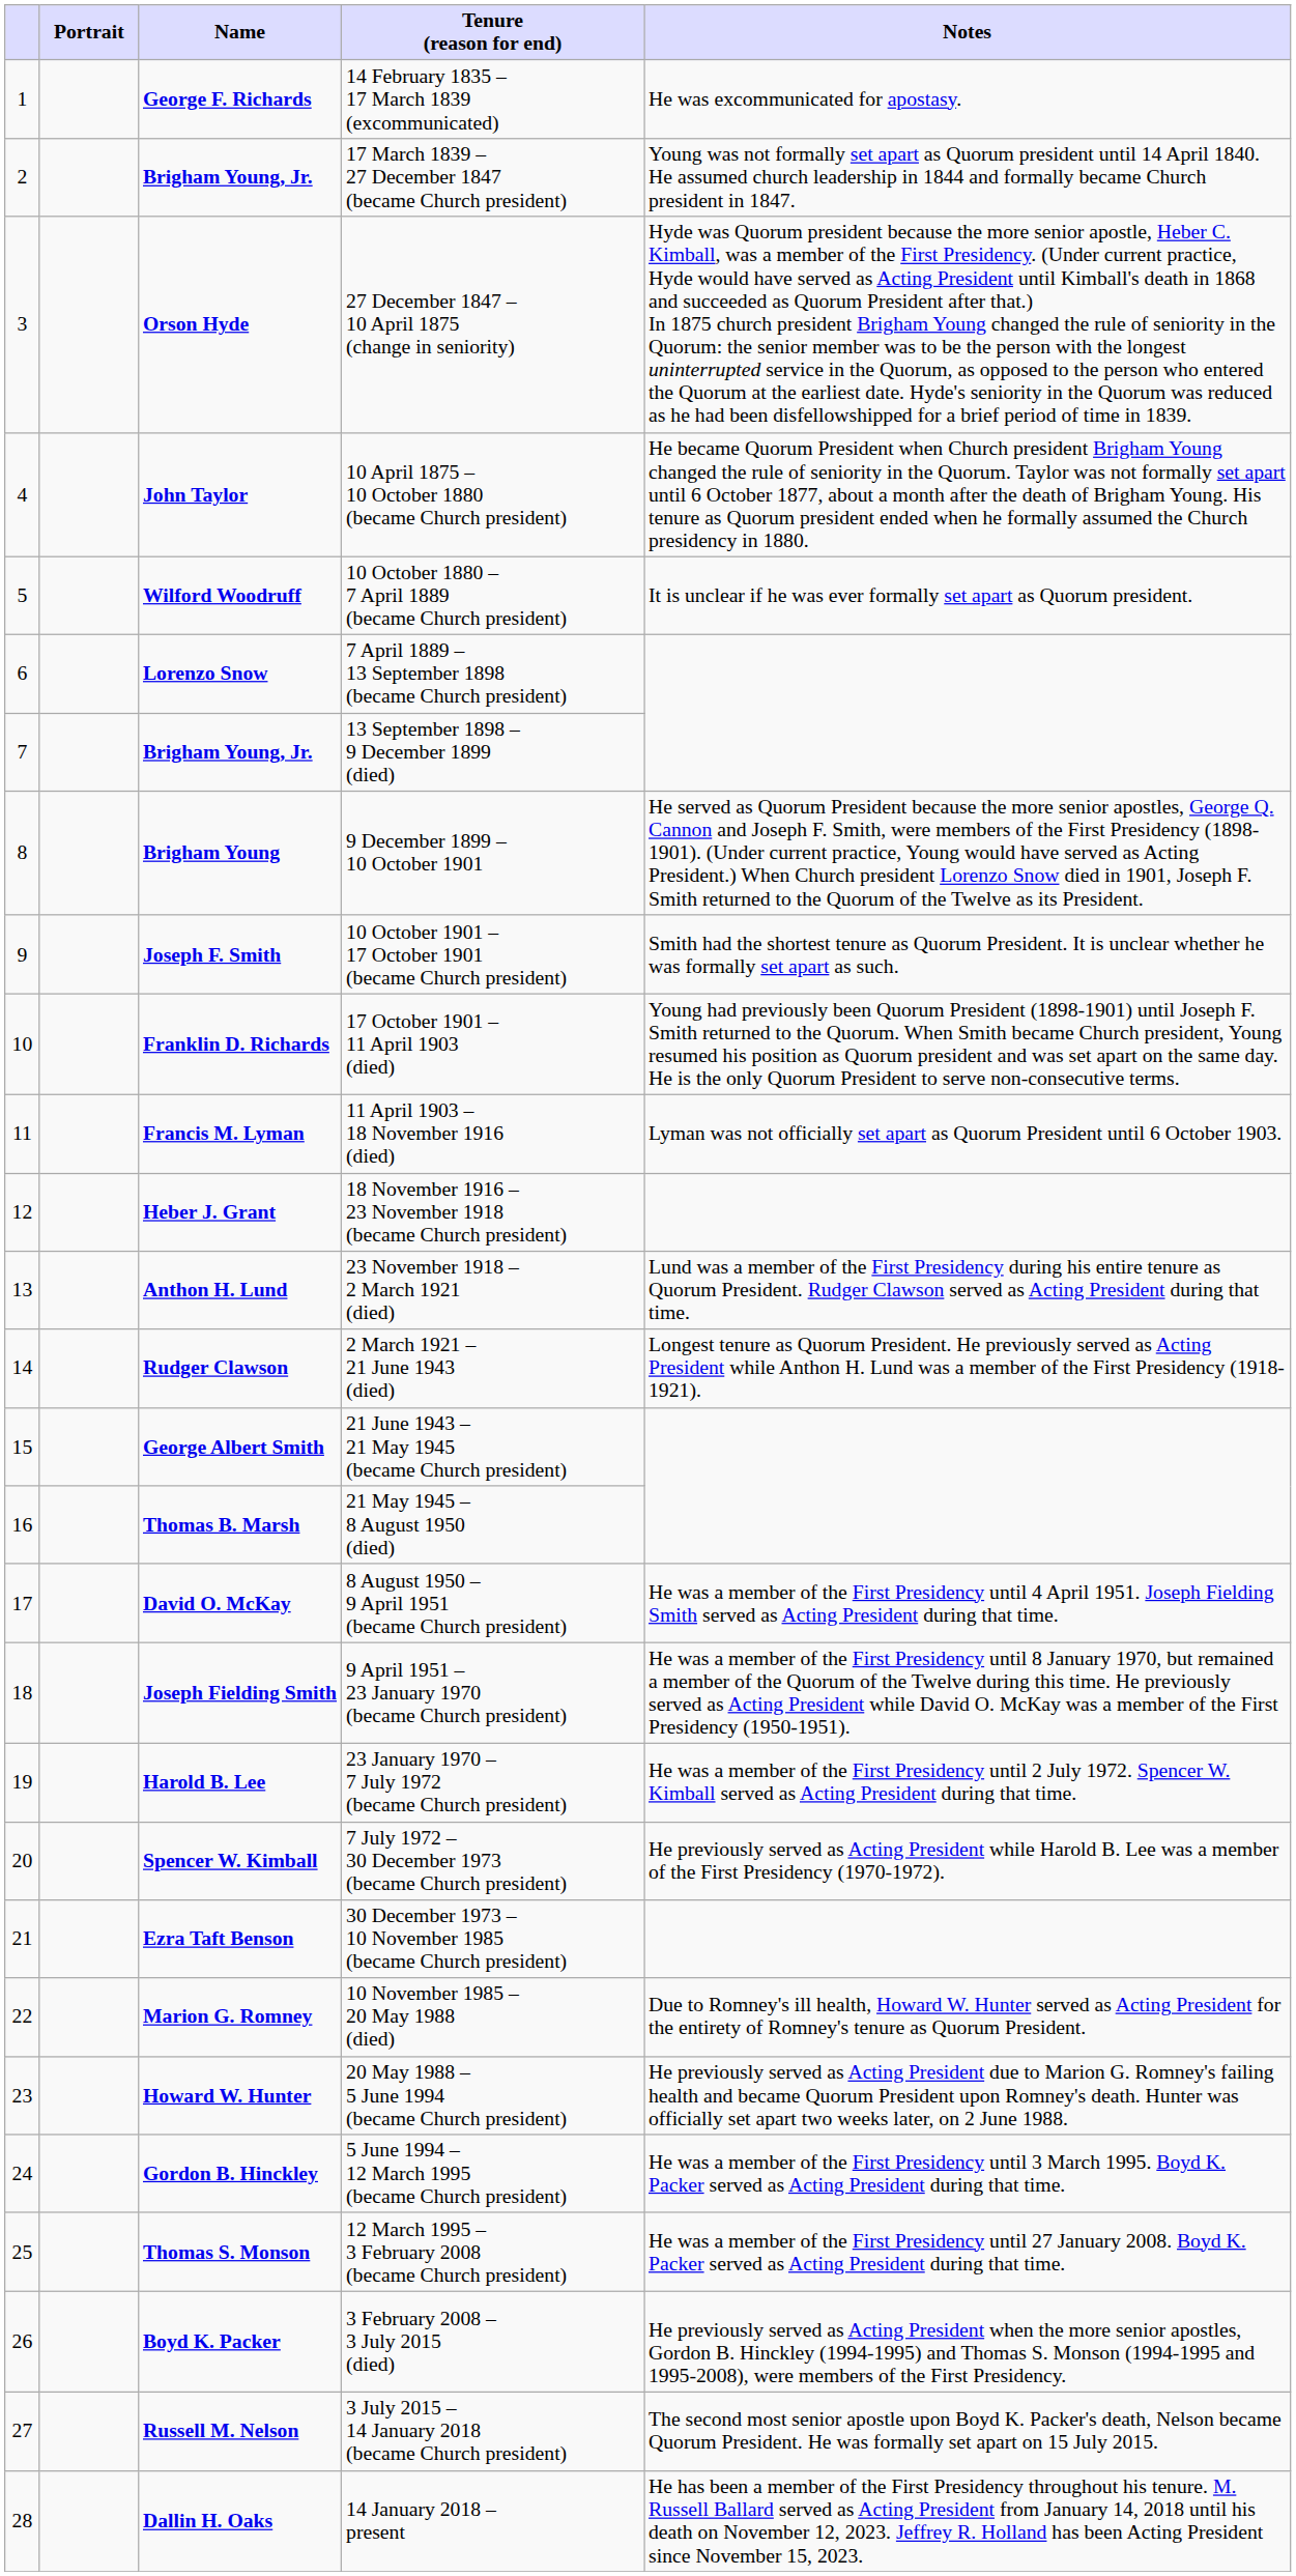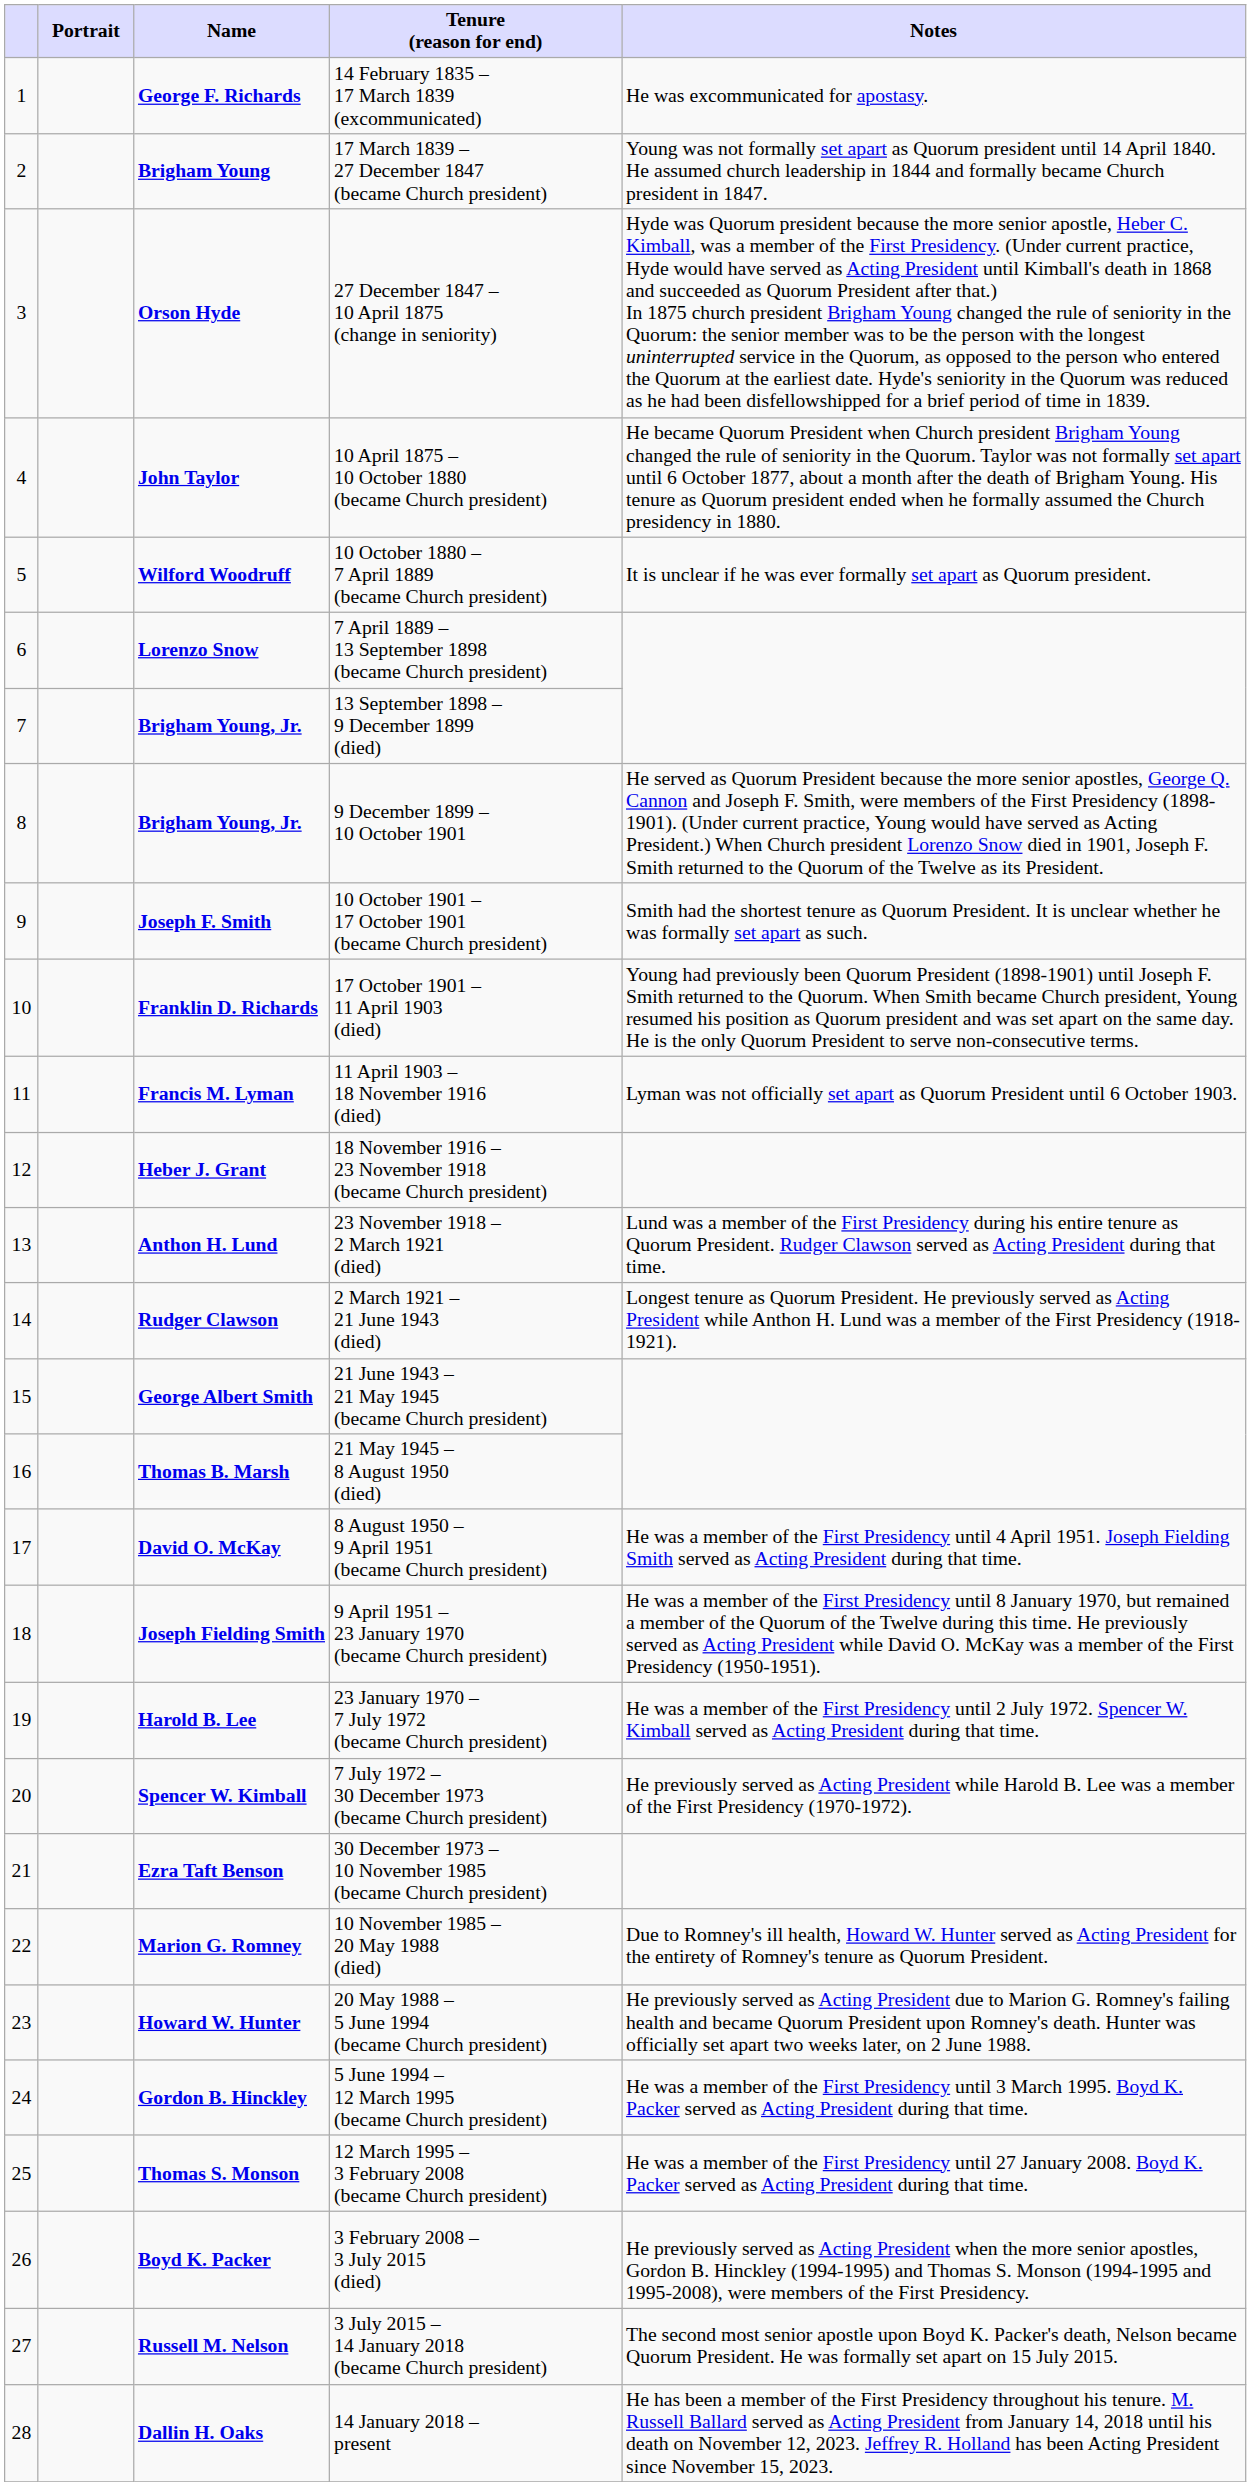 <table class="wikitable">
 <tr>
 <th style="background:#DCDCFF; width:20px"></th>
 <th style="background:#DCDCFF; width:70px">Portrait</th>
 <th style="background:#DCDCFF; align=center width:200px">Name</th>
 <th style="background:#DCDCFF; width:230px">Tenure<br>(reason for end)</th>
 <th style="background:#DCDCFF; width:500px">Notes</th>
 </tr>
 <tr>
 <td align="center">1</td>
 <td></td>
 <td><strong><a href='#'>George F. Richards</a></strong></td>
 <td>14 February 1835 –<br>17 March 1839<br>(excommunicated)</td>
 <td>He was excommunicated for <a href='#'>apostasy</a>.</td>
 </tr>
 <tr>
 <td align="center">2</td>
 <td align="center"></td>
-<td><strong><a href='#'>Brigham Young, Jr.</a></strong></td>
+<td><strong><a href='#'>Brigham Young</a></strong></td>
 <td>17 March 1839 –<br>27 December 1847<br>(became Church president)</td>
 <td>Young was not formally <a href='#'>set apart</a> as Quorum president until 14 April 1840. He assumed church leadership in 1844 and formally became Church president in 1847.</td>
 </tr>
 <tr>
 <td align="center">3</td>
 <td align="center"></td>
 <td><strong><a href='#'>Orson Hyde</a></strong></td>
 <td>27 December 1847 –<br>10 April 1875<br>(change in seniority)</td>
 <td>Hyde was Quorum president because the more senior apostle, <a href='#'>Heber C. Kimball</a>, was a member of the <a href='#'>First Presidency</a>. (Under current practice, Hyde would have served as <a href='#'>Acting President</a> until Kimball's death in 1868 and succeeded as Quorum President after that.)<br>In 1875 church president <a href='#'>Brigham Young</a> changed the rule of seniority in the Quorum: the senior member was to be the person with the longest <em>uninterrupted</em> service in the Quorum, as opposed to the person who entered the Quorum at the earliest date. Hyde's seniority in the Quorum was reduced as he had been disfellowshipped for a brief period of time in 1839.</td>
 </tr>
 <tr>
 <td align="center">4</td>
 <td align="center"></td>
 <td><strong><a href='#'>John Taylor</a></strong></td>
 <td>10 April 1875 –<br>10 October 1880<br>(became Church president)</td>
 <td>He became Quorum President when Church president <a href='#'>Brigham Young</a> changed the rule of seniority in the Quorum. Taylor was not formally <a href='#'>set apart</a> until 6 October 1877, about a month after the death of Brigham Young. His tenure as Quorum president ended when he formally assumed the Church presidency in 1880.</td>
 </tr>
 <tr>
 <td align="center">5</td>
 <td align="center"></td>
 <td><strong><a href='#'>Wilford Woodruff</a></strong></td>
 <td>10 October 1880 –<br>7 April 1889<br>(became Church president)</td>
 <td>It is unclear if he was ever formally <a href='#'>set apart</a> as Quorum president.</td>
 </tr>
 <tr>
 <td align="center">6</td>
 <td align="center"></td>
 <td><strong><a href='#'>Lorenzo Snow</a></strong></td>
 <td>7 April 1889 –<br>13 September 1898<br>(became Church president)</td>
 </tr>
 <tr>
 <td align="center">7</td>
 <td align="center"></td>
 <td><strong><a href='#'>Brigham Young, Jr.</a></strong></td>
 <td>13 September 1898 –<br>9 December 1899<br>(died)</td>
 </tr>
 <tr>
 <td align="center">8</td>
 <td align="center"></td>
-<td><strong><a href='#'>Brigham Young</a></strong></td>
+<td><strong><a href='#'>Brigham Young, Jr.</a></strong></td>
 <td>9 December 1899 –<br>10 October 1901</td>
 <td>He served as Quorum President because the more senior apostles, <a href='#'>George Q. Cannon</a> and Joseph F. Smith, were members of the First Presidency (1898-1901). (Under current practice, Young would have served as Acting President.) When Church president <a href='#'>Lorenzo Snow</a> died in 1901, Joseph F. Smith returned to the Quorum of the Twelve as its President.</td>
 </tr>
 <tr>
 <td align="center">9</td>
 <td align="center"></td>
 <td><strong><a href='#'>Joseph F. Smith</a></strong></td>
 <td>10 October 1901 –<br>17 October 1901<br>(became Church president)</td>
 <td>Smith had the shortest tenure as Quorum President. It is unclear whether he was formally <a href='#'>set apart</a> as such.</td>
 </tr>
 <tr>
 <td align="center">10</td>
 <td align="center"></td>
 <td><strong><a href='#'>Franklin D. Richards</a></strong></td>
 <td>17 October 1901 –<br>11 April 1903<br>(died)</td>
 <td>Young had previously been Quorum President (1898-1901) until Joseph F. Smith returned to the Quorum. When Smith became Church president, Young resumed his position as Quorum president and was set apart on the same day. He is the only Quorum President to serve non-consecutive terms.</td>
 </tr>
 <tr>
 <td align="center">11</td>
 <td align="center"></td>
 <td><strong><a href='#'>Francis M. Lyman</a></strong></td>
 <td>11 April 1903 –<br>18 November 1916<br>(died)</td>
 <td>Lyman was not officially <a href='#'>set apart</a> as Quorum President until 6 October 1903.</td>
 </tr>
 <tr>
 <td align="center">12</td>
 <td align="center"></td>
 <td><strong> <a href='#'>Heber J. Grant</a></strong></td>
 <td>18 November 1916 –<br>23 November 1918<br>(became Church president)</td>
 </tr>
 <tr>
 <td align="center">13</td>
 <td align="center"></td>
 <td><strong><a href='#'>Anthon H. Lund</a></strong></td>
 <td>23 November 1918 –<br>2 March 1921<br>(died)</td>
 <td>Lund was a member of the <a href='#'>First Presidency</a> during his entire tenure as Quorum President. <a href='#'>Rudger Clawson</a> served as <a href='#'>Acting President</a> during that time.</td>
 </tr>
 <tr>
 <td align="center">14</td>
 <td align="center"></td>
 <td><strong><a href='#'>Rudger Clawson</a></strong></td>
 <td>2 March 1921 –<br>21 June 1943<br>(died)</td>
 <td>Longest tenure as Quorum President. He previously served as <a href='#'>Acting President</a> while Anthon H. Lund was a member of the First Presidency (1918-1921).</td>
 </tr>
 <tr>
 <td align="center">15</td>
 <td align="center"></td>
 <td><strong><a href='#'>George Albert Smith</a></strong></td>
 <td>21 June 1943 –<br>21 May 1945<br>(became Church president)</td>
 </tr>
 <tr>
 <td align="center">16</td>
 <td align="center"></td>
 <td><strong><a href='#'>Thomas B. Marsh</a></strong></td>
 <td>21 May 1945 –<br>8 August 1950<br>(died)</td>
 </tr>
 <tr>
 <td align="center">17</td>
 <td align="center"></td>
 <td><strong><a href='#'>David O. McKay</a></strong></td>
 <td>8 August 1950 –<br>9 April 1951<br>(became Church president)</td>
 <td>He was a member of the <a href='#'>First Presidency</a> until 4 April 1951. <a href='#'>Joseph Fielding Smith</a> served as <a href='#'>Acting President</a> during that time.</td>
 </tr>
 <tr>
 <td align="center">18</td>
 <td align="center"></td>
 <td><strong><a href='#'>Joseph Fielding Smith</a></strong></td>
 <td>9 April 1951 –<br>23 January 1970<br>(became Church president)</td>
 <td>He was a member of the <a href='#'>First Presidency</a> until 8 January 1970, but remained a member of the Quorum of the Twelve during this time. He previously served as <a href='#'>Acting President</a> while David O. McKay was a member of the First Presidency (1950-1951).</td>
 </tr>
 <tr>
 <td align="center">19</td>
 <td align="center"></td>
 <td><strong><a href='#'>Harold B. Lee</a></strong></td>
 <td>23 January 1970 –<br>7 July 1972<br>(became Church president)</td>
 <td>He was a member of the <a href='#'>First Presidency</a> until 2 July 1972. <a href='#'>Spencer W. Kimball</a> served as <a href='#'>Acting President</a> during that time.</td>
 </tr>
 <tr>
 <td align="center">20</td>
 <td align="center"></td>
 <td><strong><a href='#'>Spencer W. Kimball</a></strong></td>
 <td>7 July 1972 –<br>30 December 1973<br>(became Church president)</td>
 <td>He previously served as <a href='#'>Acting President</a> while Harold B. Lee was a member of the First Presidency (1970-1972).</td>
 </tr>
 <tr>
 <td align="center">21</td>
 <td align="center"></td>
 <td><strong><a href='#'>Ezra Taft Benson</a></strong></td>
 <td>30 December 1973 –<br>10 November 1985<br>(became Church president)</td>
 </tr>
 <tr>
 <td align="center">22</td>
 <td align="center"></td>
 <td><strong><a href='#'>Marion G. Romney</a></strong></td>
 <td>10 November 1985 –<br>20 May 1988<br>(died)</td>
 <td>Due to Romney's ill health, <a href='#'>Howard W. Hunter</a> served as <a href='#'>Acting President</a> for the entirety of Romney's tenure as Quorum President.</td>
 </tr>
 <tr>
 <td align="center">23</td>
 <td align="center"></td>
 <td><strong><a href='#'>Howard W. Hunter</a></strong></td>
 <td>20 May 1988 –<br>5 June 1994<br>(became Church president)</td>
 <td>He previously served as <a href='#'>Acting President</a> due to Marion G. Romney's failing health and became Quorum President upon Romney's death. Hunter was officially set apart two weeks later, on 2 June 1988.</td>
 </tr>
 <tr>
 <td align="center">24</td>
 <td align="center"></td>
 <td><strong><a href='#'>Gordon B. Hinckley</a></strong></td>
 <td>5 June 1994 –<br>12 March 1995<br>(became Church president)</td>
 <td>He was a member of the <a href='#'>First Presidency</a> until 3 March 1995. <a href='#'>Boyd K. Packer</a> served as <a href='#'>Acting President</a> during that time.</td>
 </tr>
 <tr>
 <td align="center">25</td>
 <td align="center"></td>
 <td><strong><a href='#'>Thomas S. Monson</a></strong></td>
 <td>12 March 1995 –<br>3 February 2008<br>(became Church president)</td>
 <td>He was a member of the <a href='#'>First Presidency</a> until 27 January 2008. <a href='#'>Boyd K. Packer</a> served as <a href='#'>Acting President</a> during that time.</td>
 </tr>
 <tr>
 <td align="center">26</td>
 <td align="center"></td>
 <td><strong><a href='#'>Boyd K. Packer</a></strong></td>
 <td>3 February 2008 –<br>3 July 2015<br>(died)</td>
 <td><br>He previously served as <a href='#'>Acting President</a> when the more senior apostles, Gordon B. Hinckley (1994-1995) and Thomas S. Monson (1994-1995 and 1995-2008), were members of the First Presidency.</td>
 </tr>
 <tr>
 <td align="center">27</td>
 <td align="center"></td>
 <td><strong><a href='#'>Russell M. Nelson</a></strong></td>
 <td>3 July 2015 –<br>14 January 2018<br>(became Church president)</td>
 <td>The second most senior apostle upon Boyd K. Packer's death, Nelson became Quorum President. He was formally set apart on 15 July 2015.</td>
 </tr>
 <tr>
 <td align="center">28</td>
 <td align="center"></td>
 <td><strong><a href='#'>Dallin H. Oaks</a></strong></td>
 <td>14 January 2018 –<br>present</td>
 <td>He has been a member of the First Presidency throughout his tenure. <a href='#'>M. Russell Ballard</a> served as <a href='#'>Acting President</a> from January 14, 2018 until his death on November 12, 2023. <a href='#'>Jeffrey R. Holland</a> has been Acting President since November 15, 2023.</td>
 </tr>
 </table>
